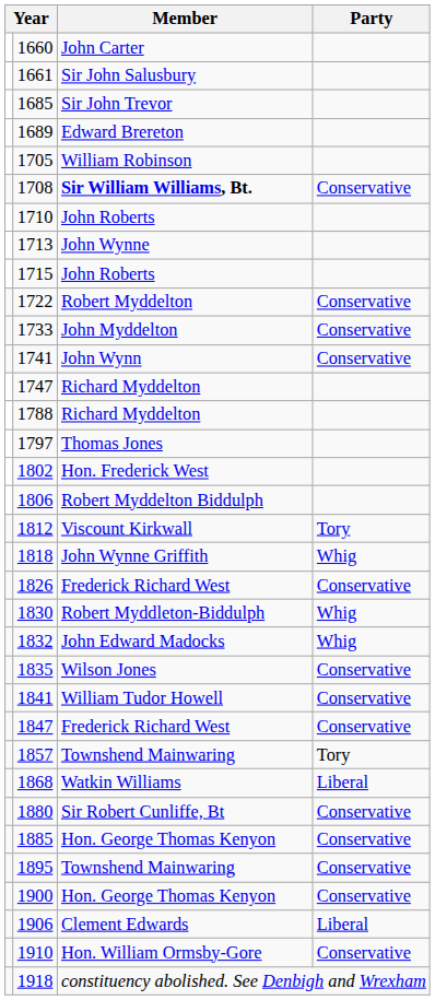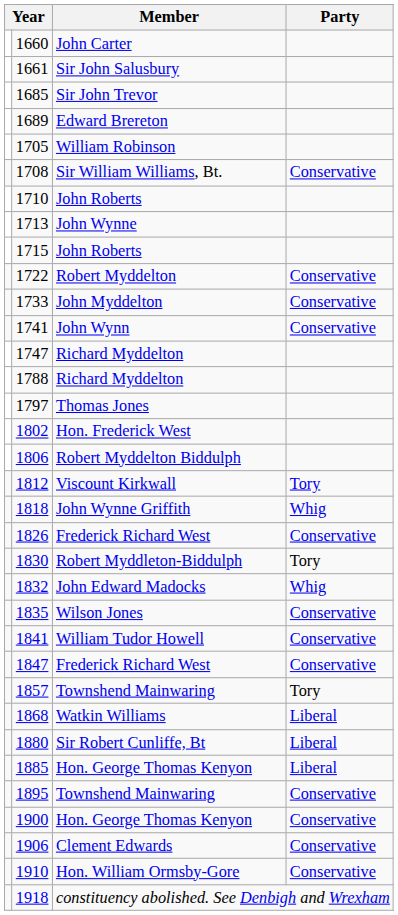 <table class="wikitable">
 <tr>
 <th colspan="2">Year</th>
 <th>Member</th>
 <th>Party</th>
 </tr>
 <tr>
 <td style="color:inherit;background-color: white"></td>
 <td>1660</td>
 <td><a href='#'>John Carter</a></td>
 <td></td>
 </tr>
 <tr>
 <td style="color:inherit;background-color: white"></td>
 <td>1661</td>
 <td><a href='#'>Sir John Salusbury</a></td>
 <td></td>
 </tr>
 <tr>
 <td style="color:inherit;background-color: white"></td>
 <td>1685</td>
 <td><a href='#'>Sir John Trevor</a></td>
 <td></td>
 </tr>
 <tr>
 <td style="color:inherit;background-color: white"></td>
 <td>1689</td>
 <td><a href='#'>Edward Brereton</a></td>
 <td></td>
 </tr>
 <tr>
 <td style="color:inherit;background-color: white"></td>
 <td>1705</td>
 <td><a href='#'>William Robinson</a></td>
 <td></td>
 </tr>
 <tr>
 <td style="color:inherit;background-color: "></td>
 <td>1708</td>
-<td><strong><a href='#'>Sir William Williams</a>, Bt.</strong></td>
+<td><a href='#'>Sir William Williams</a>, Bt.</td>
 <td><a href='#'>Conservative</a></td>
 </tr>
 <tr>
 <td style="color:inherit;background-color: white"></td>
 <td>1710</td>
 <td><a href='#'>John Roberts</a></td>
 <td></td>
 </tr>
 <tr>
 <td style="color:inherit;background-color: white"></td>
 <td>1713</td>
 <td><a href='#'>John Wynne</a></td>
 <td></td>
 </tr>
 <tr>
 <td style="color:inherit;background-color: white"></td>
 <td>1715</td>
 <td><a href='#'>John Roberts</a></td>
 <td></td>
 </tr>
 <tr>
 <td style="color:inherit;background-color: "></td>
 <td>1722</td>
 <td><a href='#'>Robert Myddelton</a></td>
 <td><a href='#'>Conservative</a></td>
 </tr>
 <tr>
 <td style="color:inherit;background-color: "></td>
 <td>1733</td>
 <td><a href='#'>John Myddelton</a></td>
 <td><a href='#'>Conservative</a></td>
 </tr>
 <tr>
 <td style="color:inherit;background-color: "></td>
 <td>1741</td>
 <td><a href='#'>John Wynn</a></td>
 <td><a href='#'>Conservative</a></td>
 </tr>
 <tr>
 <td style="color:inherit;background-color: white"></td>
 <td>1747</td>
 <td><a href='#'>Richard Myddelton</a></td>
 <td></td>
 </tr>
 <tr>
 <td style="color:inherit;background-color: white"></td>
 <td>1788</td>
 <td><a href='#'>Richard Myddelton</a></td>
 <td></td>
 </tr>
 <tr>
 <td style="color:inherit;background-color: white"></td>
 <td>1797</td>
 <td><a href='#'>Thomas Jones</a></td>
 <td></td>
 </tr>
 <tr>
 <td style="color:inherit;background-color: white"></td>
 <td><a href='#'>1802</a></td>
 <td><a href='#'>Hon. Frederick West</a></td>
 <td></td>
 </tr>
 <tr>
 <td style="color:inherit;background-color: white"></td>
 <td><a href='#'>1806</a></td>
 <td><a href='#'>Robert Myddelton Biddulph</a></td>
 <td></td>
 </tr>
 <tr>
 <td style="color:inherit;background-color: "></td>
 <td><a href='#'>1812</a></td>
 <td><a href='#'>Viscount Kirkwall</a></td>
 <td><a href='#'>Tory</a></td>
 </tr>
 <tr>
 <td style="color:inherit;background-color: "></td>
 <td><a href='#'>1818</a></td>
 <td><a href='#'>John Wynne Griffith</a></td>
 <td><a href='#'>Whig</a></td>
 </tr>
 <tr>
 <td style="color:inherit;background-color: "></td>
 <td><a href='#'>1826</a></td>
 <td><a href='#'>Frederick Richard West</a></td>
 <td><a href='#'>Conservative</a></td>
 </tr>
 <tr>
 <td style="color:inherit;background-color: "></td>
 <td><a href='#'>1830</a></td>
 <td><a href='#'>Robert Myddleton-Biddulph</a></td>
-<td><a href='#'>Whig</a></td>
+<td>Tory</td>
 </tr>
 <tr>
 <td style="color:inherit;background-color: "></td>
 <td><a href='#'>1832</a></td>
 <td><a href='#'>John Edward Madocks</a></td>
 <td><a href='#'>Whig</a></td>
 </tr>
 <tr>
 <td style="color:inherit;background-color: "></td>
 <td><a href='#'>1835</a></td>
 <td><a href='#'>Wilson Jones</a></td>
 <td><a href='#'>Conservative</a></td>
 </tr>
 <tr>
 <td style="color:inherit;background-color: "></td>
 <td><a href='#'>1841</a></td>
 <td><a href='#'>William Tudor Howell</a></td>
 <td><a href='#'>Conservative</a></td>
 </tr>
 <tr>
 <td style="color:inherit;background-color: "></td>
 <td><a href='#'>1847</a></td>
 <td><a href='#'>Frederick Richard West</a></td>
 <td><a href='#'>Conservative</a></td>
 </tr>
 <tr>
 <td style="color:inherit;background-color: "></td>
 <td><a href='#'>1857</a></td>
 <td><a href='#'>Townshend Mainwaring</a></td>
 <td>Tory</td>
 </tr>
 <tr>
 <td style="color:inherit;background-color: "></td>
 <td><a href='#'>1868</a></td>
 <td><a href='#'>Watkin Williams</a></td>
 <td><a href='#'>Liberal</a></td>
 </tr>
 <tr>
 <td style="color:inherit;background-color: "></td>
 <td><a href='#'>1880</a></td>
 <td><a href='#'>Sir Robert Cunliffe, Bt</a></td>
-<td><a href='#'>Conservative</a></td>
+<td><a href='#'>Liberal</a></td>
 </tr>
 <tr>
 <td style="color:inherit;background-color: "></td>
 <td><a href='#'>1885</a></td>
 <td><a href='#'>Hon. George Thomas Kenyon</a></td>
-<td><a href='#'>Conservative</a></td>
+<td><a href='#'>Liberal</a></td>
 </tr>
 <tr>
 <td style="color:inherit;background-color: "></td>
 <td><a href='#'>1895</a></td>
 <td><a href='#'>Townshend Mainwaring</a></td>
 <td><a href='#'>Conservative</a></td>
 </tr>
 <tr>
 <td style="color:inherit;background-color: "></td>
 <td><a href='#'>1900</a></td>
 <td><a href='#'>Hon. George Thomas Kenyon</a></td>
 <td><a href='#'>Conservative</a></td>
 </tr>
 <tr>
 <td style="color:inherit;background-color: "></td>
 <td><a href='#'>1906</a></td>
 <td><a href='#'>Clement Edwards</a></td>
-<td><a href='#'>Liberal</a></td>
+<td><a href='#'>Conservative</a></td>
 </tr>
 <tr>
 <td style="color:inherit;background-color: "></td>
 <td><a href='#'>1910</a></td>
 <td><a href='#'>Hon. William Ormsby-Gore</a></td>
 <td><a href='#'>Conservative</a></td>
 </tr>
 <tr>
 <td></td>
 <td><a href='#'>1918</a></td>
 <td colspan="2"><em>constituency abolished. See <a href='#'>Denbigh</a> and <a href='#'>Wrexham</a></em></td>
 </tr>
 </table>
